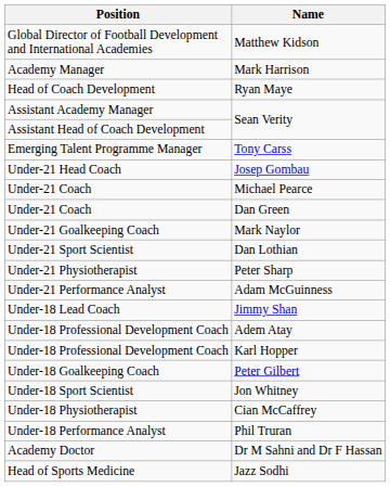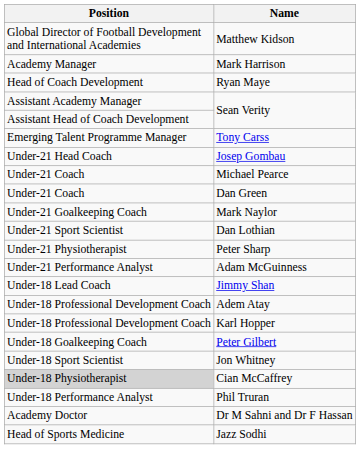 <table class="wikitable">
 <tr>
 <th>Position</th>
 <th>Name</th>
 </tr>
 <tr>
 <td>Global Director of Football Development<br>and International Academies</td>
 <td>Matthew Kidson</td>
 </tr>
 <tr>
 <td>Academy Manager</td>
 <td>Mark Harrison</td>
 </tr>
 <tr>
 <td>Head of Coach Development</td>
 <td>Ryan Maye</td>
 </tr>
 <tr>
 <td>Assistant Academy Manager</td>
 <td rowspan="2">Sean Verity</td>
 </tr>
 <tr>
 <td>Assistant Head of Coach Development</td>
 </tr>
 <tr>
 <td>Emerging Talent Programme Manager</td>
 <td><a href='#'>Tony Carss</a></td>
 </tr>
 <tr>
 <td>Under-21 Head Coach</td>
 <td><a href='#'>Josep Gombau</a></td>
 </tr>
 <tr>
 <td>Under-21 Coach</td>
 <td>Michael Pearce</td>
 </tr>
 <tr>
 <td>Under-21 Coach</td>
 <td>Dan Green</td>
 </tr>
 <tr>
 <td>Under-21 Goalkeeping Coach</td>
 <td>Mark Naylor</td>
 </tr>
 <tr>
 <td>Under-21 Sport Scientist</td>
 <td>Dan Lothian</td>
 </tr>
 <tr>
 <td>Under-21 Physiotherapist</td>
 <td>Peter Sharp</td>
 </tr>
 <tr>
 <td>Under-21 Performance Analyst</td>
 <td>Adam McGuinness</td>
 </tr>
 <tr>
 <td>Under-18 Lead Coach</td>
 <td><a href='#'>Jimmy Shan</a></td>
 </tr>
 <tr>
 <td>Under-18 Professional Development Coach</td>
 <td>Adem Atay</td>
 </tr>
 <tr>
 <td>Under-18 Professional Development Coach</td>
 <td>Karl Hopper</td>
 </tr>
 <tr>
 <td>Under-18 Goalkeeping Coach</td>
 <td><a href='#'>Peter Gilbert</a></td>
 </tr>
 <tr>
 <td>Under-18 Sport Scientist</td>
 <td>Jon Whitney</td>
 </tr>
 <tr>
-<td>Under-18 Physiotherapist</td>
+<td style="background: lightgrey;">Under-18 Physiotherapist</td>
 <td>Cian McCaffrey</td>
 </tr>
 <tr>
 <td>Under-18 Performance Analyst</td>
 <td>Phil Truran</td>
 </tr>
 <tr>
 <td>Academy Doctor</td>
 <td>Dr M Sahni and Dr F Hassan</td>
 </tr>
 <tr>
 <td>Head of Sports Medicine</td>
 <td>Jazz Sodhi</td>
 </tr>
 </table>
